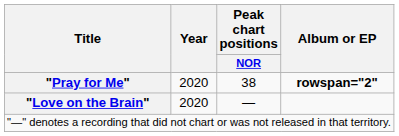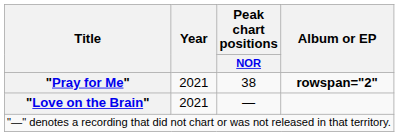 <table class="wikitable plainrowheaders" style="text-align:center;">
 <tr>
 <th rowspan="2" scope="col">Title</th>
 <th rowspan="2" scope="col">Year</th>
 <th colspan="1" scope="col">Peak chart positions</th>
 <th rowspan="2" scope="col">Album or EP</th>
 </tr>
 <tr>
 <th scope="col" style="width:3em;font-size:85%;"><a href='#'>NOR</a><br></th>
 </tr>
 <tr>
 <th scope="row">"<a href='#'>Pray for Me</a>"</th>
-<td>2020</td>
+<td>2021</td>
 <td>38</td>
 <td><strong>rowspan="2" </strong></td>
 </tr>
 <tr>
 <th scope="row">"<a href='#'>Love on the Brain</a>"</th>
-<td>2020</td>
+<td>2021</td>
 <td>—</td>
 </tr>
 <tr>
 <td colspan="4" style="font-size:85%">"—" denotes a recording that did not chart or was not released in that territory.</td>
 </tr>
 </table>
